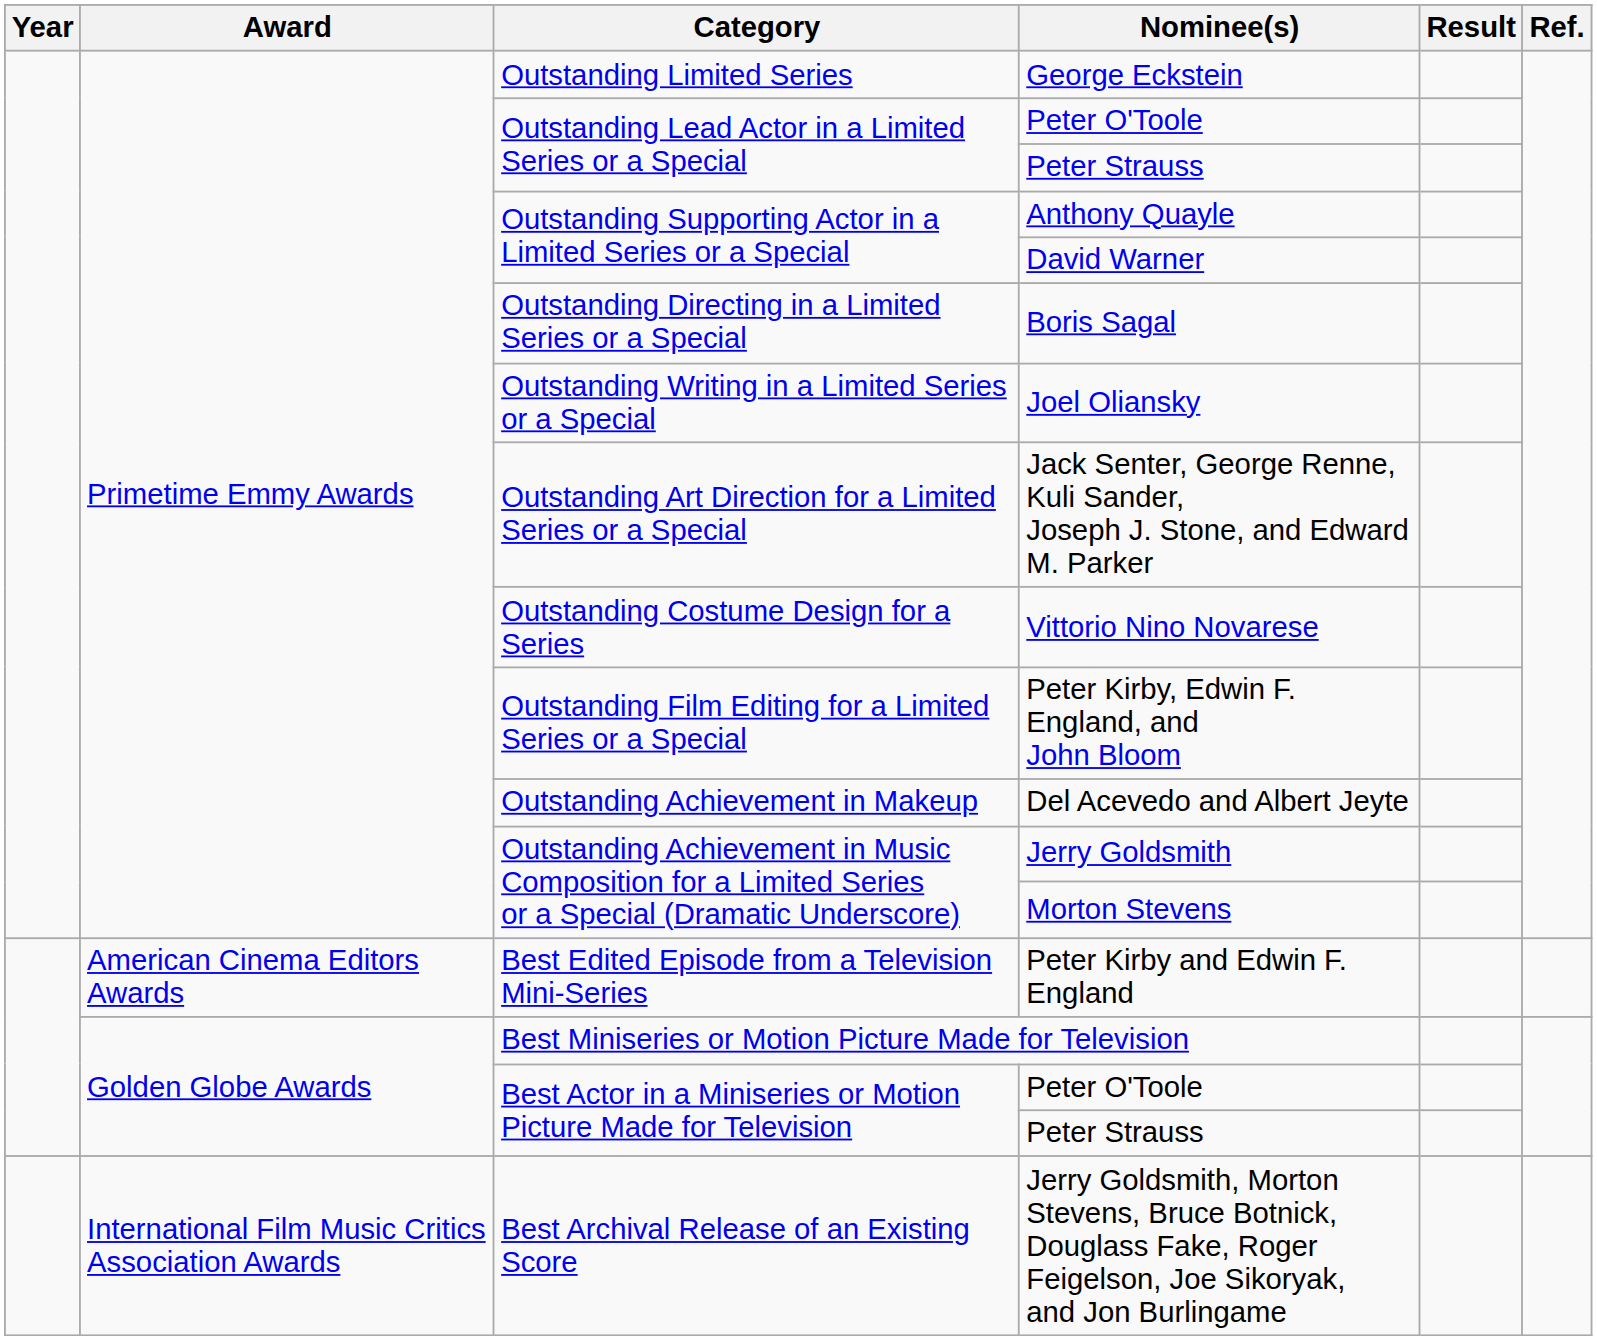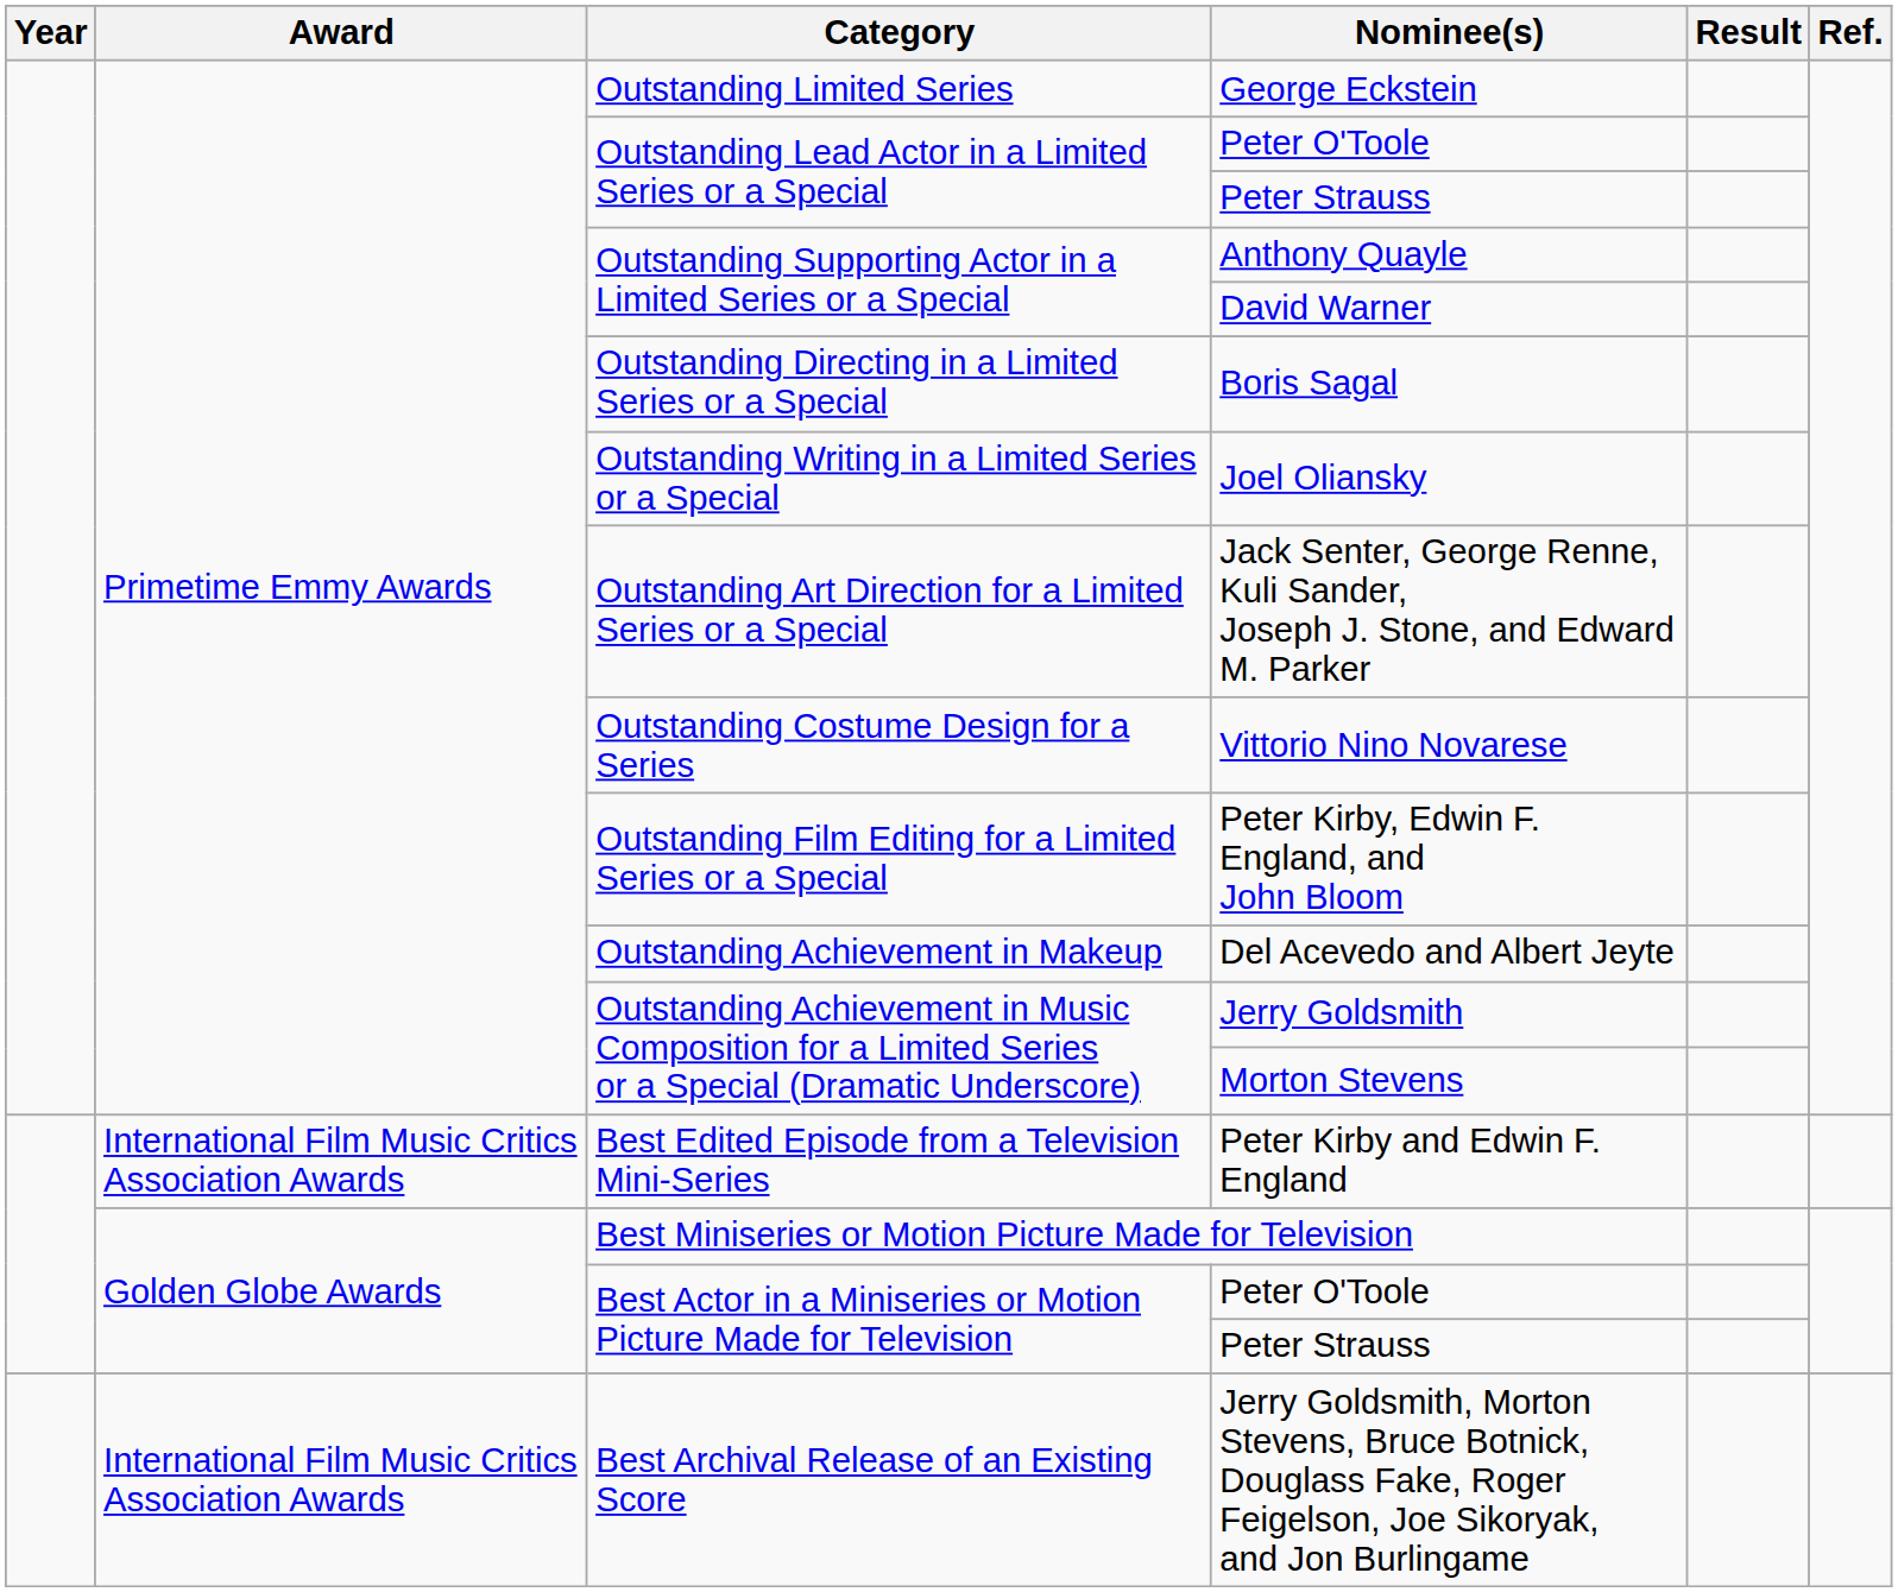 <table class="wikitable sortable">
 <tr>
 <th>Year</th>
 <th>Award</th>
 <th>Category</th>
 <th>Nominee(s)</th>
 <th>Result</th>
 <th>Ref.</th>
 </tr>
 <tr>
 <td rowspan="13"></td>
 <td rowspan="13"><a href='#'>Primetime Emmy Awards</a></td>
 <td><a href='#'>Outstanding Limited Series</a></td>
 <td><a href='#'>George Eckstein</a></td>
 <td></td>
 <td align="center" rowspan="13"></td>
 </tr>
 <tr>
 <td rowspan="2"><a href='#'>Outstanding Lead Actor in a Limited Series or a Special</a></td>
 <td><a href='#'>Peter O'Toole</a></td>
 <td></td>
 </tr>
 <tr>
 <td><a href='#'>Peter Strauss</a></td>
 <td></td>
 </tr>
 <tr>
 <td rowspan="2"><a href='#'>Outstanding Supporting Actor in a Limited Series or a Special</a></td>
 <td><a href='#'>Anthony Quayle</a></td>
 <td></td>
 </tr>
 <tr>
 <td><a href='#'>David Warner</a></td>
 <td></td>
 </tr>
 <tr>
 <td><a href='#'>Outstanding Directing in a Limited Series or a Special</a></td>
 <td><a href='#'>Boris Sagal</a> </td>
 <td></td>
 </tr>
 <tr>
 <td><a href='#'>Outstanding Writing in a Limited Series or a Special</a></td>
 <td><a href='#'>Joel Oliansky</a> </td>
 <td></td>
 </tr>
 <tr>
 <td><a href='#'>Outstanding Art Direction for a Limited Series or a Special</a></td>
 <td>Jack Senter, George Renne, Kuli Sander, <br> Joseph J. Stone, and Edward M. Parker <br> </td>
 <td></td>
 </tr>
 <tr>
 <td><a href='#'>Outstanding Costume Design for a Series</a></td>
 <td><a href='#'>Vittorio Nino Novarese</a> </td>
 <td></td>
 </tr>
 <tr>
 <td><a href='#'>Outstanding Film Editing for a Limited Series or a Special</a></td>
 <td>Peter Kirby, Edwin F. England, and <br> <a href='#'>John Bloom</a> </td>
 <td></td>
 </tr>
 <tr>
 <td><a href='#'>Outstanding Achievement in Makeup</a></td>
 <td>Del Acevedo and Albert Jeyte </td>
 <td></td>
 </tr>
 <tr>
 <td rowspan="2"><a href='#'>Outstanding Achievement in Music Composition for a Limited Series <br> or a Special (Dramatic Underscore)</a></td>
 <td><a href='#'>Jerry Goldsmith</a> </td>
 <td></td>
 </tr>
 <tr>
 <td><a href='#'>Morton Stevens</a> </td>
 <td></td>
 </tr>
 <tr>
 <td rowspan="4"></td>
-<td><a href='#'>American Cinema Editors Awards</a></td>
+<td><a href='#'>International Film Music Critics Association Awards</a></td>
 <td><a href='#'>Best Edited Episode from a Television Mini-Series</a></td>
 <td>Peter Kirby and Edwin F. England </td>
 <td></td>
 <td align="center"></td>
 </tr>
 <tr>
 <td rowspan="3"><a href='#'>Golden Globe Awards</a></td>
 <td colspan="2"><a href='#'>Best Miniseries or Motion Picture Made for Television</a></td>
 <td></td>
 <td align="center" rowspan="3"></td>
 </tr>
 <tr>
 <td rowspan="2"><a href='#'>Best Actor in a Miniseries or Motion Picture Made for Television</a></td>
 <td>Peter O'Toole</td>
 <td></td>
 </tr>
 <tr>
 <td>Peter Strauss</td>
 <td></td>
 </tr>
 <tr>
 <td></td>
 <td><a href='#'>International Film Music Critics Association Awards</a></td>
 <td><a href='#'>Best Archival Release of an Existing Score</a></td>
 <td>Jerry Goldsmith, Morton Stevens, Bruce Botnick, <br> Douglass Fake, Roger Feigelson, Joe Sikoryak, <br> and Jon Burlingame</td>
 <td></td>
 <td align="center"></td>
 </tr>
 </table>
